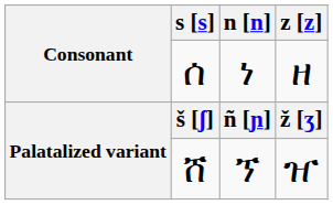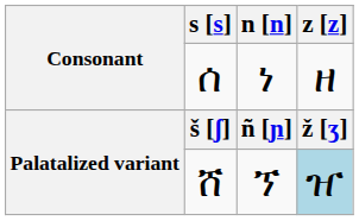 <table class="wikitable floatleft" style="text-align:center">
 <tr>
 <th rowspan="2">Consonant</th>
 <th><big>s [<a href='#'>s</a>]</big></th>
 <th><big>n [<a href='#'>n</a>]</big></th>
 <th><big>z [<a href='#'>z</a>]</big></th>
 </tr>
 <tr style="font-size:2em">
 <td>ሰ</td>
 <td>ነ</td>
 <td>ዘ</td>
 </tr>
 <tr>
 <th rowspan="2">Palatalized variant</th>
 <th><big>š [<a href='#'>ʃ</a>]</big></th>
 <th><big>ñ [<a href='#'>ɲ</a>]</big></th>
 <th><big>ž [<a href='#'>ʒ</a>]</big></th>
 </tr>
 <tr style="font-size:2em">
 <td>ሸ</td>
 <td>ኘ</td>
-<td>ዠ</td>
+<td style="background: lightblue;">ዠ</td>
 </tr>
 </table>
